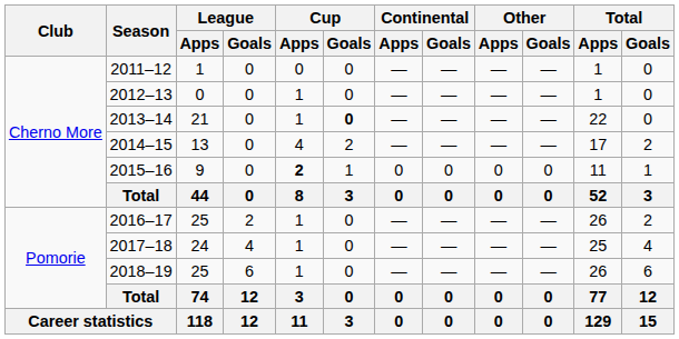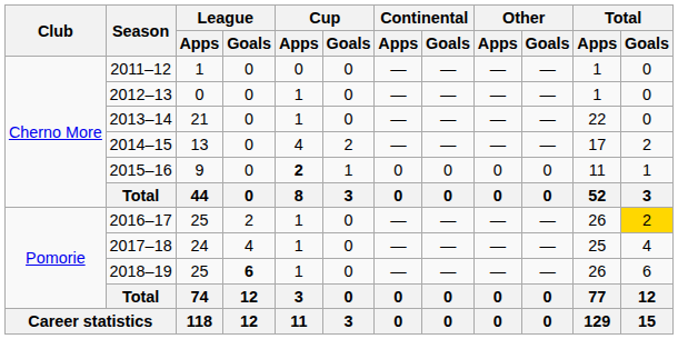 <table class="wikitable" style="font-size:90%; text-align: center">
 <tr>
 <th rowspan=2>Club</th>
 <th rowspan=2>Season</th>
 <th colspan=2>League</th>
 <th colspan=2>Cup</th>
 <th colspan=2>Continental</th>
 <th colspan=2>Other</th>
 <th colspan=2>Total</th>
 </tr>
 <tr>
 <th>Apps</th>
 <th>Goals</th>
 <th>Apps</th>
 <th>Goals</th>
 <th>Apps</th>
 <th>Goals</th>
 <th>Apps</th>
 <th>Goals</th>
 <th>Apps</th>
 <th>Goals</th>
 </tr>
 <tr>
 <td rowspan=6><a href='#'>Cherno More</a></td>
 <td>2011–12</td>
 <td>1</td>
 <td>0</td>
 <td>0</td>
 <td>0</td>
 <td>—</td>
 <td>—</td>
 <td>—</td>
 <td>—</td>
 <td>1</td>
 <td>0</td>
 </tr>
 <tr>
 <td>2012–13</td>
 <td>0</td>
 <td>0</td>
 <td>1</td>
 <td>0</td>
 <td>—</td>
 <td>—</td>
 <td>—</td>
 <td>—</td>
 <td>1</td>
 <td>0</td>
 </tr>
 <tr>
 <td>2013–14</td>
 <td>21</td>
 <td>0</td>
 <td>1</td>
-<td><strong>0</strong></td>
+<td>0</td>
 <td>—</td>
 <td>—</td>
 <td>—</td>
 <td>—</td>
 <td>22</td>
 <td>0</td>
 </tr>
 <tr>
 <td>2014–15</td>
 <td>13</td>
 <td>0</td>
 <td>4</td>
 <td>2</td>
 <td>—</td>
 <td>—</td>
 <td>—</td>
 <td>—</td>
 <td>17</td>
 <td>2</td>
 </tr>
 <tr>
 <td>2015–16</td>
 <td>9</td>
 <td>0</td>
 <td><strong>2</strong></td>
 <td>1</td>
 <td>0</td>
 <td>0</td>
 <td>0</td>
 <td>0</td>
 <td>11</td>
 <td>1</td>
 </tr>
 <tr>
 <th>Total</th>
 <th>44</th>
 <th>0</th>
 <th>8</th>
 <th>3</th>
 <th>0</th>
 <th>0</th>
 <th>0</th>
 <th>0</th>
 <th>52</th>
 <th>3</th>
 </tr>
 <tr>
 <td rowspan=4><a href='#'>Pomorie</a></td>
 <td>2016–17</td>
 <td>25</td>
 <td>2</td>
 <td>1</td>
 <td>0</td>
 <td>—</td>
 <td>—</td>
 <td>—</td>
 <td>—</td>
 <td>26</td>
-<td>2</td>
+<td style="background: gold;">2</td>
 </tr>
 <tr>
 <td>2017–18</td>
 <td>24</td>
 <td>4</td>
 <td>1</td>
 <td>0</td>
 <td>—</td>
 <td>—</td>
 <td>—</td>
 <td>—</td>
 <td>25</td>
 <td>4</td>
 </tr>
 <tr>
 <td>2018–19</td>
 <td>25</td>
-<td>6</td>
+<td><strong>6</strong></td>
 <td>1</td>
 <td>0</td>
 <td>—</td>
 <td>—</td>
 <td>—</td>
 <td>—</td>
 <td>26</td>
 <td>6</td>
 </tr>
 <tr>
 <th>Total</th>
 <th>74</th>
 <th>12</th>
 <th>3</th>
 <th>0</th>
 <th>0</th>
 <th>0</th>
 <th>0</th>
 <th>0</th>
 <th>77</th>
 <th>12</th>
 </tr>
 <tr>
 <th colspan=2>Career statistics</th>
 <th>118</th>
 <th>12</th>
 <th>11</th>
 <th>3</th>
 <th>0</th>
 <th>0</th>
 <th>0</th>
 <th>0</th>
 <th>129</th>
 <th>15</th>
 </tr>
 </table>
